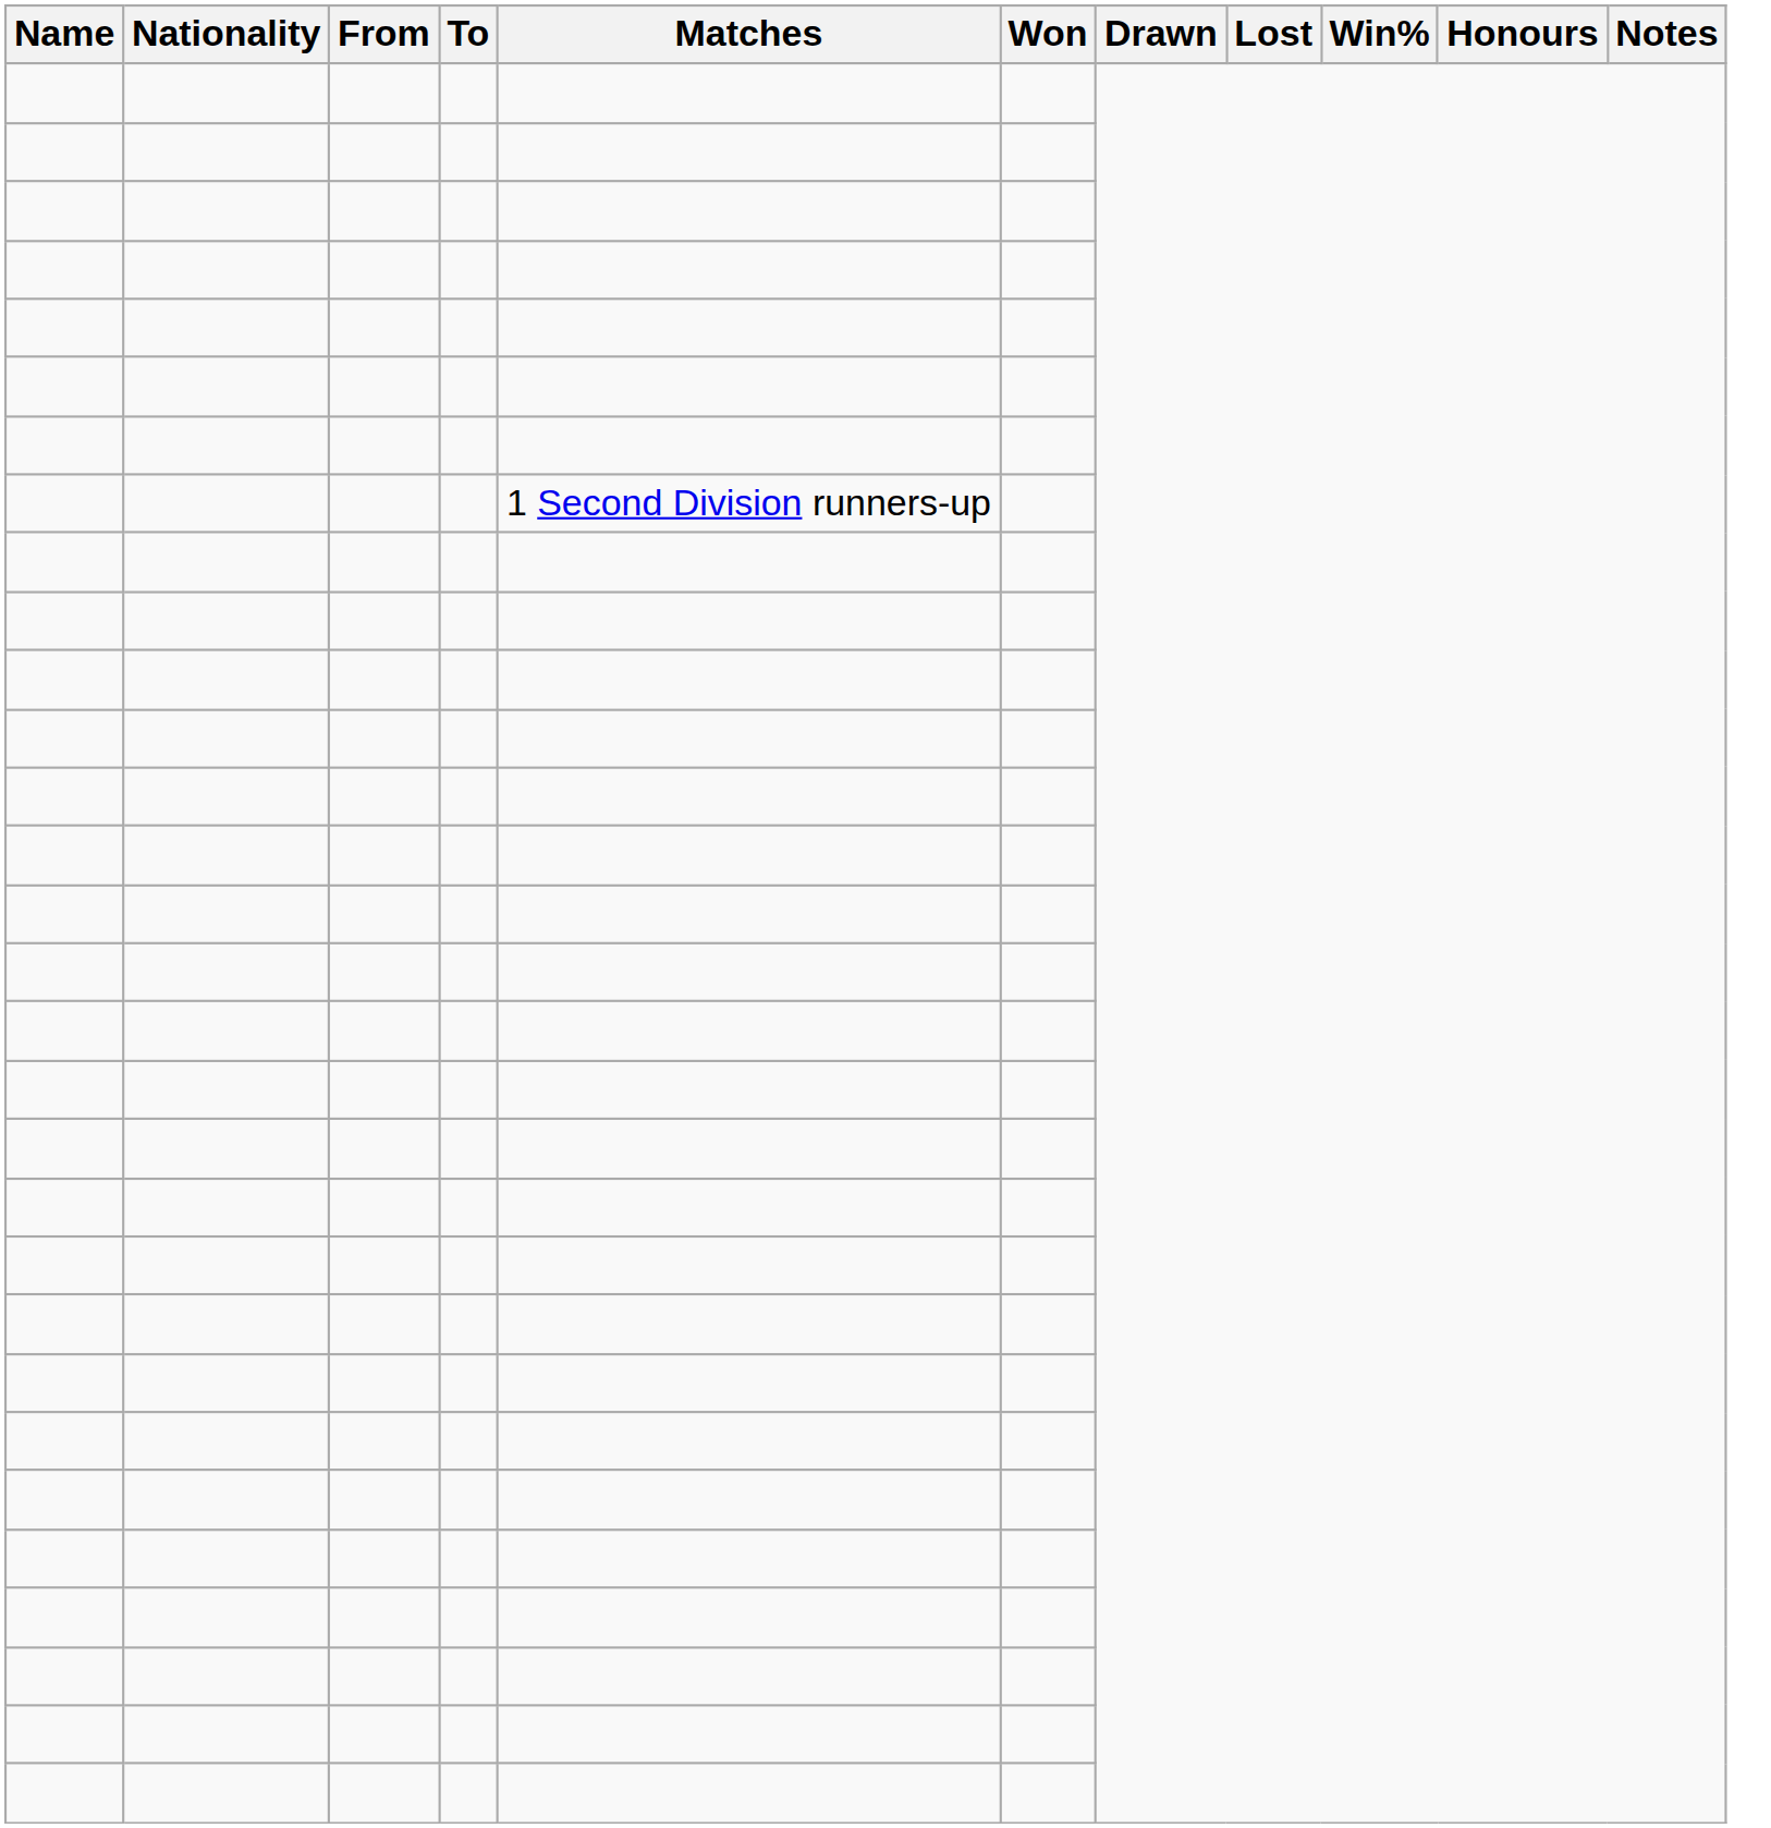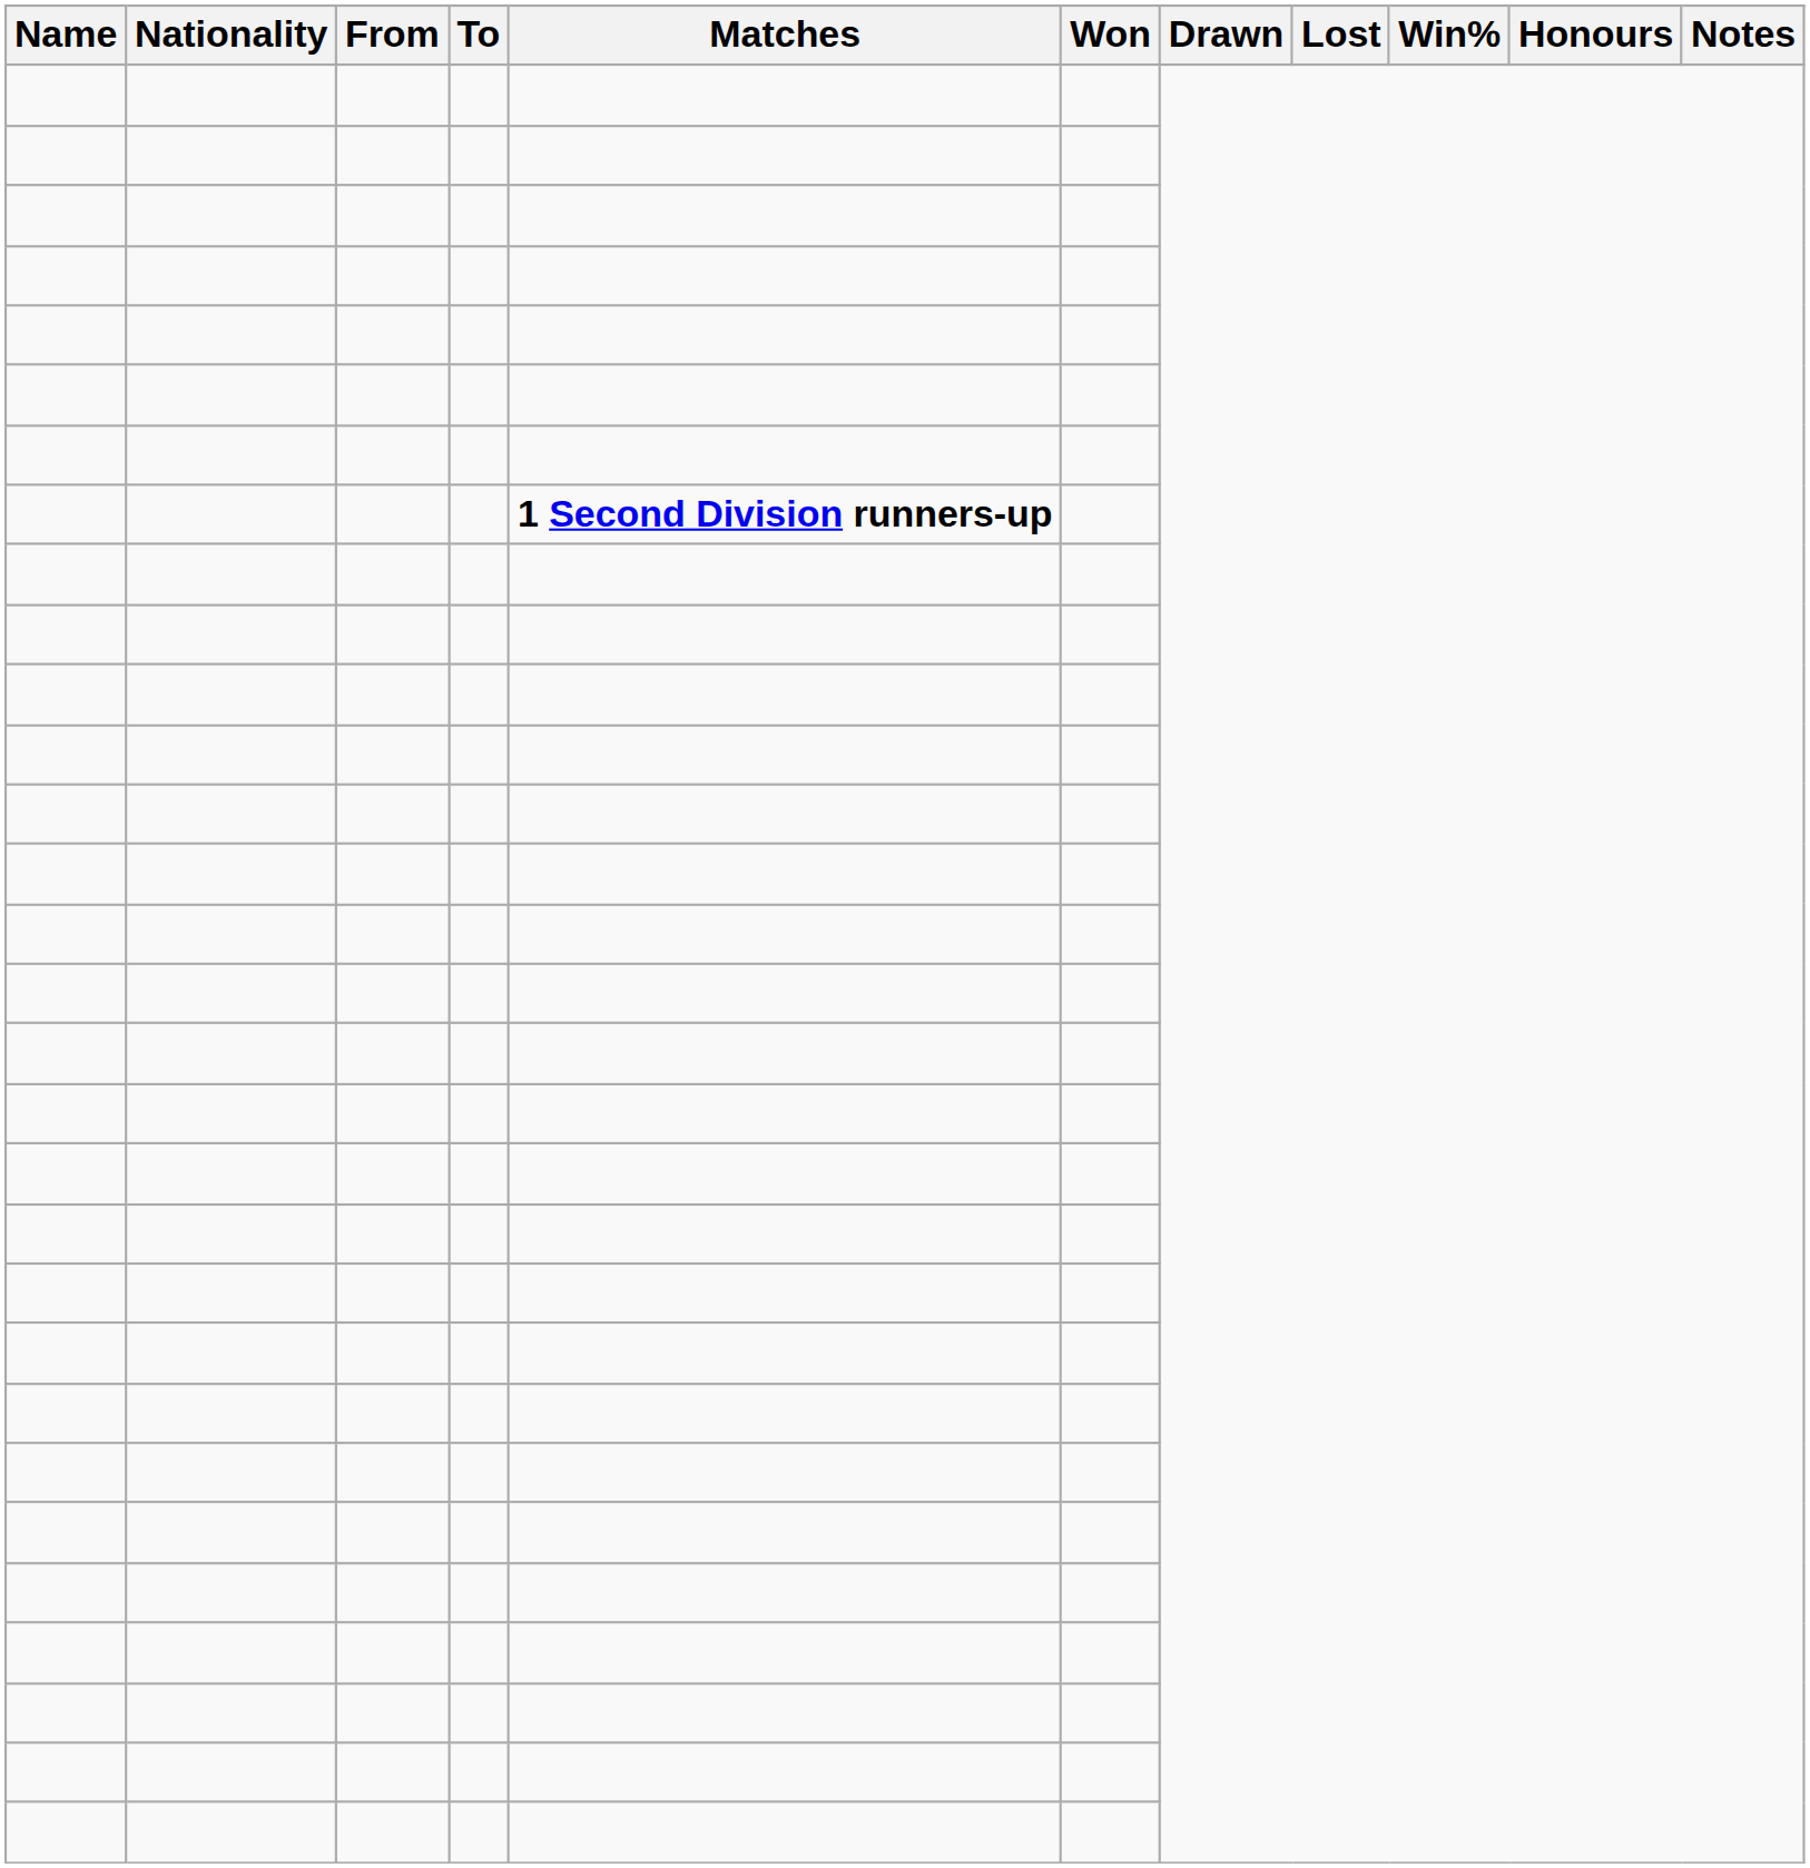 <table class="wikitable sortable" style="text-align: left">
 <tr>
 <th>Name</th>
 <th>Nationality</th>
 <th>From</th>
 <th class="unsortable">To</th>
 <th>Matches</th>
 <th>Won</th>
 <th>Drawn</th>
 <th>Lost</th>
 <th>Win%</th>
 <th class="unsortable">Honours</th>
 <th class="unsortable">Notes</th>
 </tr>
 <tr>
 <td align=left></td>
 <td></td>
 <td align=left></td>
 <td align=left><br></td>
 <td align=left></td>
 <td></td>
 </tr>
 <tr>
 <td align=left></td>
 <td></td>
 <td align=left></td>
 <td align=left><br></td>
 <td align=left></td>
 <td></td>
 </tr>
 <tr>
 <td align=left></td>
 <td></td>
 <td align=left></td>
 <td align=left><br></td>
 <td align=left></td>
 <td></td>
 </tr>
 <tr>
 <td align=left></td>
 <td></td>
 <td align=left></td>
 <td align=left><br></td>
 <td align=left></td>
 <td></td>
 </tr>
 <tr>
 <td align=left></td>
 <td></td>
 <td align=left></td>
 <td align=left><br></td>
 <td align=left></td>
 <td></td>
 </tr>
 <tr>
 <td align=left></td>
 <td></td>
 <td align=left></td>
 <td align=left><br></td>
 <td align=left></td>
 <td></td>
 </tr>
 <tr>
 <td align=left></td>
 <td></td>
 <td align=left></td>
 <td align=left><br></td>
 <td align=left></td>
 <td></td>
 </tr>
 <tr>
 <td align=left></td>
 <td></td>
 <td align=left></td>
 <td align=left><br></td>
-<td align=left>1 <a href='#'>Second Division</a> runners-up</td>
+<td align=left><strong>1 <a href='#'>Second Division</a> runners-up</strong></td>
 <td></td>
 </tr>
 <tr>
 <td align=left></td>
 <td></td>
 <td align=left></td>
 <td align=left><br></td>
 <td align=left></td>
 <td></td>
 </tr>
 <tr>
 <td align=left></td>
 <td></td>
 <td align=left></td>
 <td align=left><br></td>
 <td align=left></td>
 <td></td>
 </tr>
 <tr>
 <td align=left></td>
 <td></td>
 <td align=left></td>
 <td align=left><br></td>
 <td align=left></td>
 <td></td>
 </tr>
 <tr>
 <td align=left></td>
 <td></td>
 <td align=left></td>
 <td align=left><br></td>
 <td align=left></td>
 <td></td>
 </tr>
 <tr>
 <td align=left></td>
 <td></td>
 <td align=left></td>
 <td align=left><br></td>
 <td align=left></td>
 <td></td>
 </tr>
 <tr>
 <td align=left></td>
 <td></td>
 <td align=left></td>
 <td align=left><br></td>
 <td align=left></td>
 <td></td>
 </tr>
 <tr>
 <td align=left></td>
 <td></td>
 <td align=left></td>
 <td align=left><br></td>
 <td align=left></td>
 <td></td>
 </tr>
 <tr>
 <td align=left></td>
 <td></td>
 <td align=left></td>
 <td align=left><br></td>
 <td align=left></td>
 <td></td>
 </tr>
 <tr>
 <td align=left></td>
 <td></td>
 <td align=left></td>
 <td align=left><br></td>
 <td align=left></td>
 <td></td>
 </tr>
 <tr>
 <td align=left></td>
 <td></td>
 <td align=left></td>
 <td align=left><br></td>
 <td align=left></td>
 <td></td>
 </tr>
 <tr>
 <td align=left></td>
 <td></td>
 <td align=left></td>
 <td align=left><br></td>
 <td align=left></td>
 <td></td>
 </tr>
 <tr>
 <td align=left></td>
 <td></td>
 <td align=left></td>
 <td align=left><br></td>
 <td align=left></td>
 <td></td>
 </tr>
 <tr>
 <td align=left></td>
 <td></td>
 <td align=left></td>
 <td align=left><br></td>
 <td align=left></td>
 <td></td>
 </tr>
 <tr>
 <td align=left></td>
 <td></td>
 <td align=left></td>
 <td align=left><br></td>
 <td align=left></td>
 <td></td>
 </tr>
 <tr>
 <td align=left></td>
 <td></td>
 <td align=left></td>
 <td align=left><br></td>
 <td align=left></td>
 <td></td>
 </tr>
 <tr>
 <td align=left></td>
 <td></td>
 <td align=left></td>
 <td align=left><br></td>
 <td align=left></td>
 <td></td>
 </tr>
 <tr>
 <td align=left></td>
 <td></td>
 <td align=left></td>
 <td align=left><br></td>
 <td align=left></td>
 <td></td>
 </tr>
 <tr>
 <td align=left></td>
 <td></td>
 <td align=left></td>
 <td align=left><br></td>
 <td align=left></td>
 <td></td>
 </tr>
 <tr>
 <td align=left></td>
 <td></td>
 <td align=left></td>
 <td align=left><br></td>
 <td align=left></td>
 <td></td>
 </tr>
 <tr>
 <td align=left></td>
 <td></td>
 <td align=left></td>
 <td align=left><br></td>
 <td align=left></td>
 <td></td>
 </tr>
 <tr>
 <td align=left></td>
 <td></td>
 <td align=left></td>
 <td align=left><br></td>
 <td align=left></td>
 <td></td>
 </tr>
 <tr>
 <td align=left></td>
 <td></td>
 <td align=left></td>
 <td align=left><br></td>
 <td align=left></td>
 <td></td>
 </tr>
 </table>
